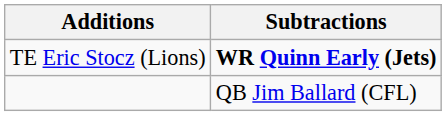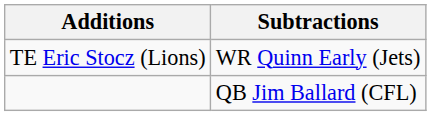 <table class="wikitable">
 <tr>
 <th>Additions</th>
 <th>Subtractions</th>
 </tr>
 <tr>
 <td>TE <a href='#'>Eric Stocz</a> (Lions)</td>
-<td><strong>WR <a href='#'>Quinn Early</a> (Jets)</strong></td>
+<td>WR <a href='#'>Quinn Early</a> (Jets)</td>
 </tr>
 <tr>
 <td></td>
 <td>QB <a href='#'>Jim Ballard</a> (CFL)</td>
 </tr>
 </table>
